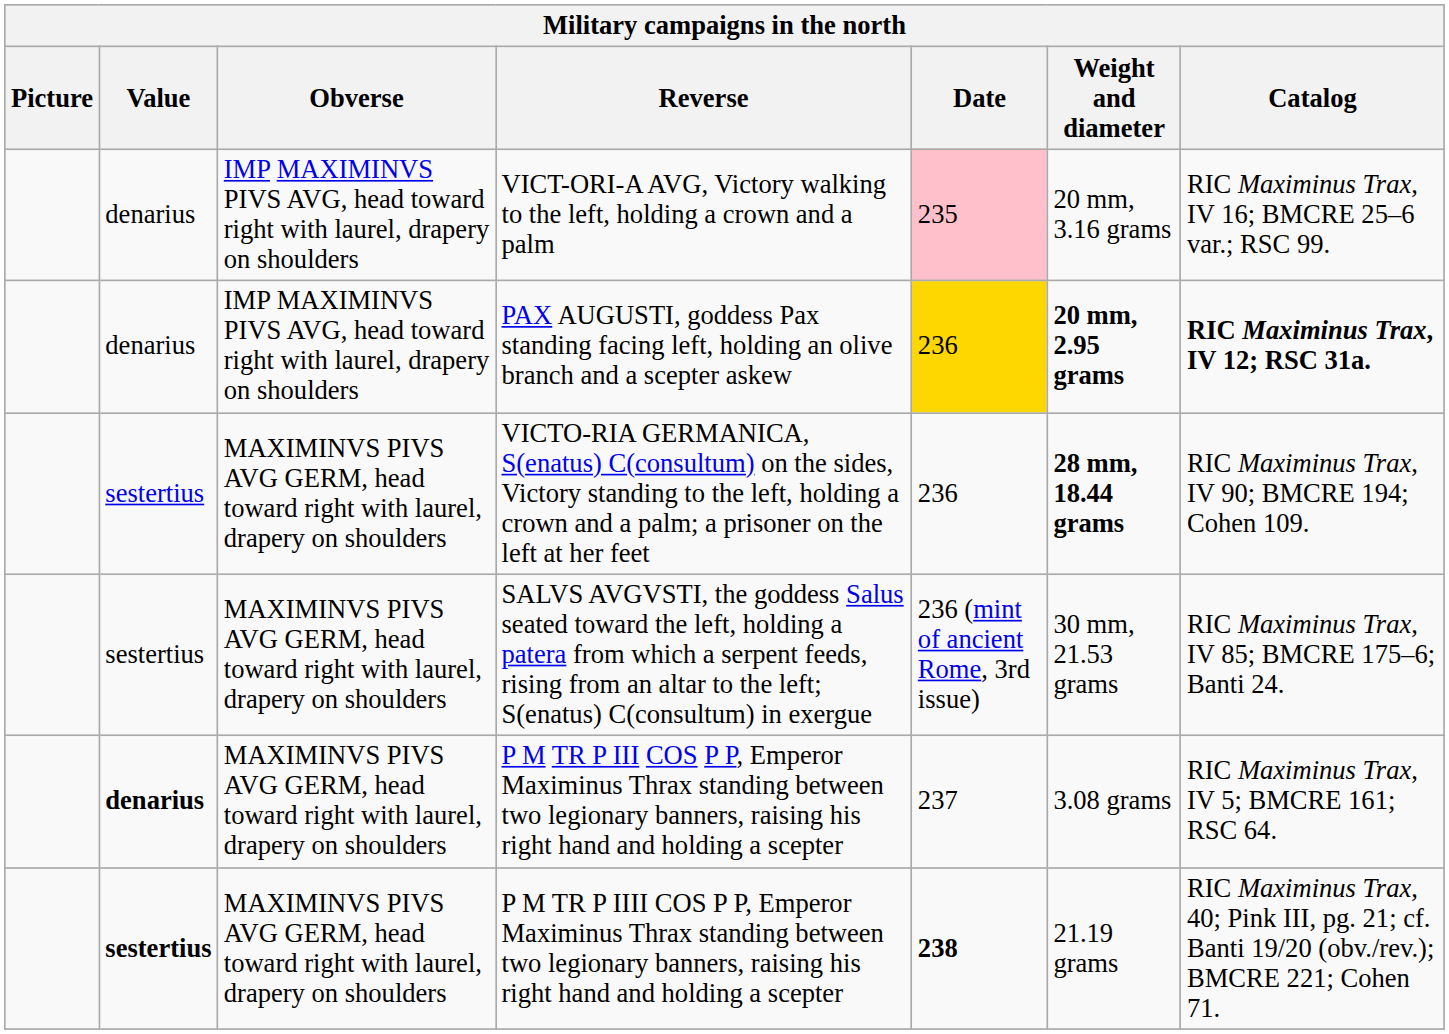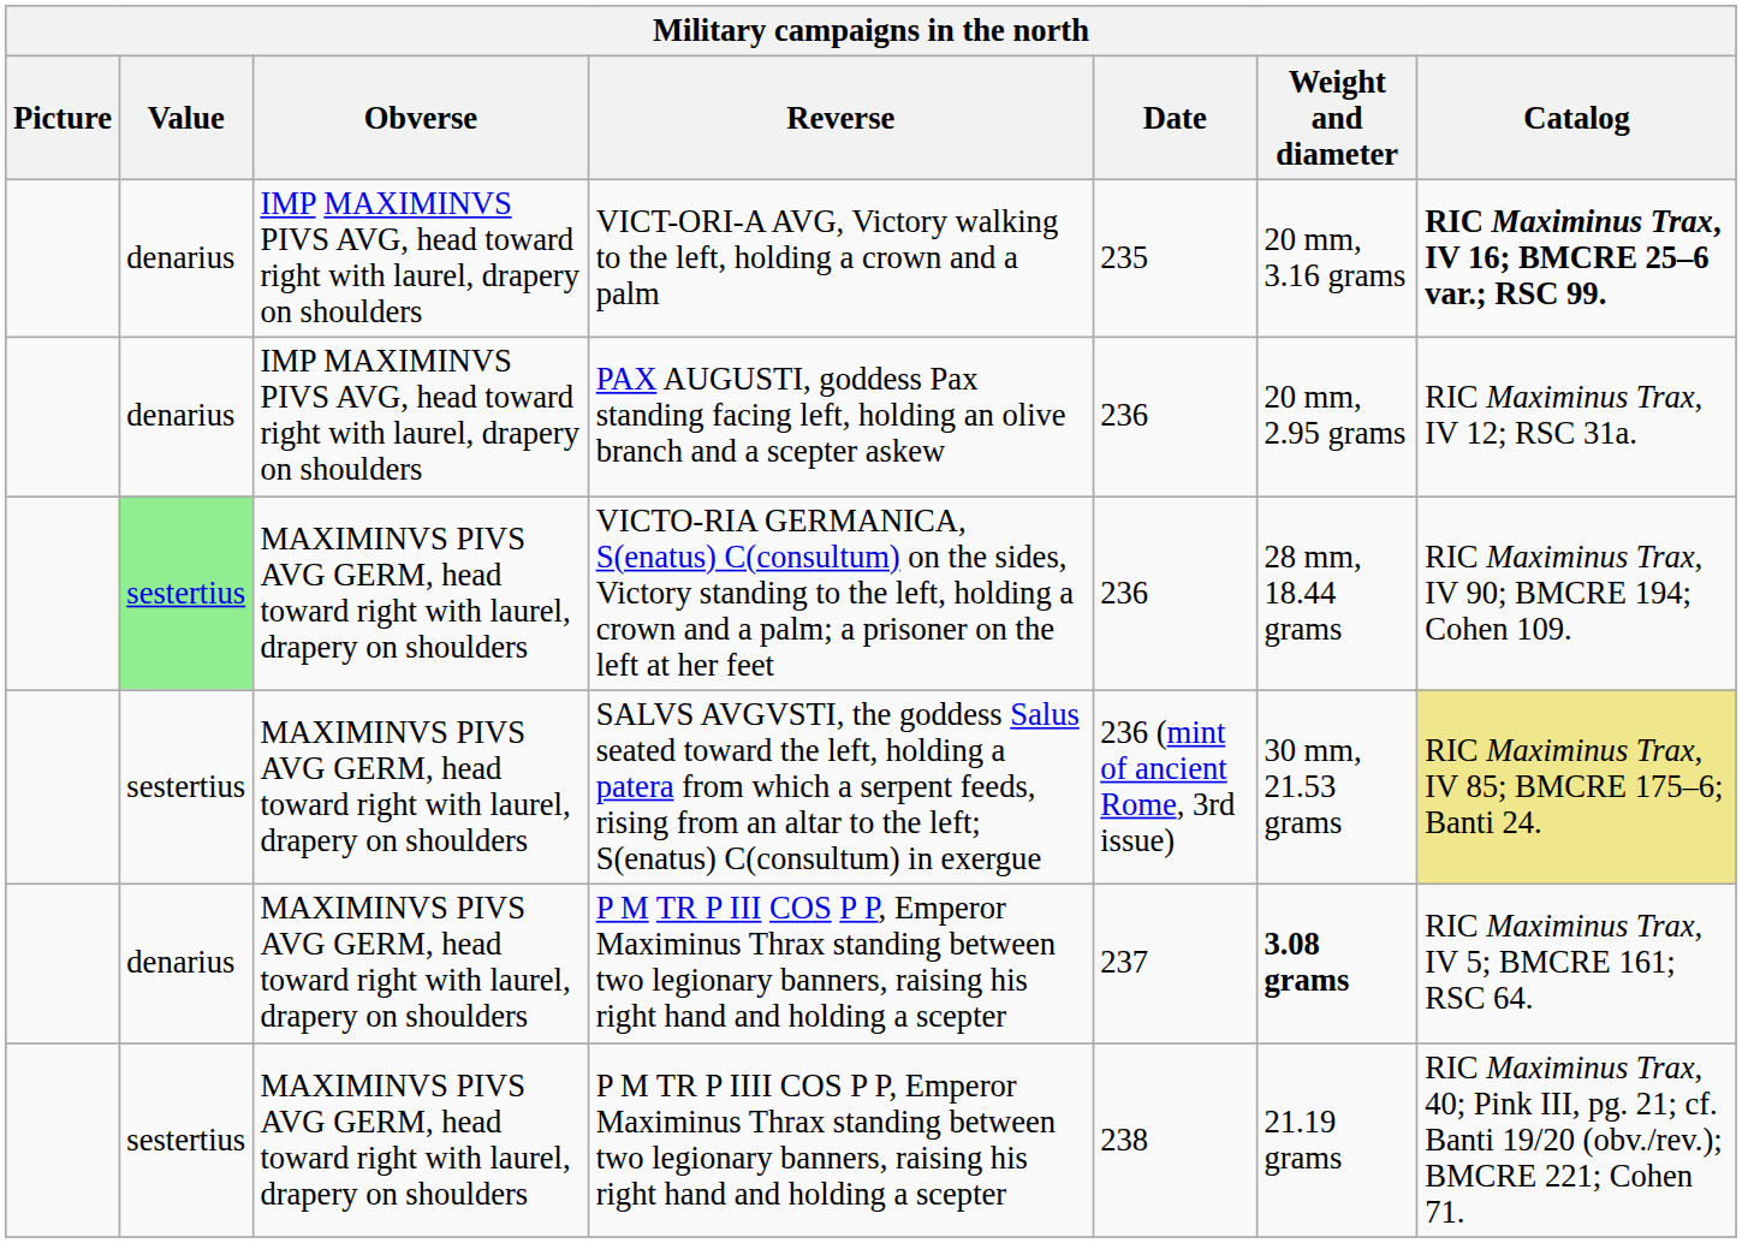 <table class="wikitable">
 <tr>
 <th colspan="7">Military campaigns in the north</th>
 </tr>
 <tr>
 <th>Picture</th>
 <th>Value</th>
 <th>Obverse</th>
 <th>Reverse</th>
 <th>Date</th>
 <th>Weight and diameter</th>
 <th>Catalog</th>
 </tr>
 <tr>
 <td></td>
 <td>denarius</td>
 <td><a href='#'>IMP</a> <a href='#'>MAXIMINVS</a> PIVS AVG, head toward right with laurel, drapery on shoulders</td>
 <td>VICT-ORI-A AVG, Victory walking to the left, holding a crown and a palm</td>
-<td style="background: pink;">235</td>
+<td>235</td>
 <td>20 mm, 3.16 grams</td>
-<td>RIC <em>Maximinus Trax</em>, IV 16; BMCRE 25–6 var.; RSC 99.</td>
+<td><strong>RIC <em>Maximinus Trax</em>, IV 16; BMCRE 25–6 var.; RSC 99.</strong></td>
 </tr>
 <tr>
 <td></td>
 <td>denarius</td>
 <td>IMP MAXIMINVS PIVS AVG, head toward right with laurel, drapery on shoulders</td>
 <td><a href='#'>PAX</a> AUGUSTI, goddess Pax standing facing left, holding an olive branch and a scepter askew</td>
-<td style="background: gold;">236</td>
-<td><strong>20 mm, 2.95 grams</strong></td>
-<td><strong>RIC <em>Maximinus Trax</em>, IV 12; RSC 31a.</strong></td>
+<td>236</td>
+<td>20 mm, 2.95 grams</td>
+<td>RIC <em>Maximinus Trax</em>, IV 12; RSC 31a.</td>
 </tr>
 <tr>
 <td></td>
-<td><a href='#'>sestertius</a></td>
+<td style="background: lightgreen;"><a href='#'>sestertius</a></td>
 <td>MAXIMINVS PIVS AVG GERM, head toward right with laurel, drapery on shoulders</td>
 <td>VICTO-RIA GERMANICA, <a href='#'>S(enatus) C(consultum)</a> on the sides, Victory standing to the left, holding a crown and a palm; a prisoner on the left at her feet</td>
 <td>236</td>
-<td><strong>28 mm, 18.44 grams</strong></td>
+<td>28 mm, 18.44 grams</td>
 <td>RIC <em>Maximinus Trax</em>, IV 90; BMCRE 194; Cohen 109.</td>
 </tr>
 <tr>
 <td></td>
 <td>sestertius</td>
 <td>MAXIMINVS PIVS AVG GERM, head toward right with laurel, drapery on shoulders</td>
 <td>SALVS AVGVSTI, the goddess <a href='#'>Salus</a> seated toward the left, holding a <a href='#'>patera</a> from which a serpent feeds, rising from an altar to the left; S(enatus) C(consultum) in exergue</td>
 <td>236 (<a href='#'>mint of ancient Rome</a>, 3rd issue)</td>
 <td>30 mm, 21.53 grams</td>
-<td>RIC <em>Maximinus Trax</em>, IV 85; BMCRE 175–6; Banti 24.</td>
+<td style="background: khaki;">RIC <em>Maximinus Trax</em>, IV 85; BMCRE 175–6; Banti 24.</td>
 </tr>
 <tr>
 <td></td>
-<td><strong>denarius</strong></td>
+<td>denarius</td>
 <td>MAXIMINVS PIVS AVG GERM, head toward right with laurel, drapery on shoulders</td>
 <td><a href='#'>P M</a> <a href='#'>TR P III</a> <a href='#'>COS</a> <a href='#'>P P</a>, Emperor Maximinus Thrax standing between two legionary banners, raising his right hand and holding a scepter</td>
 <td>237</td>
-<td>3.08 grams</td>
+<td><strong>3.08 grams</strong></td>
 <td>RIC <em>Maximinus Trax</em>, IV 5; BMCRE 161; RSC 64.</td>
 </tr>
 <tr>
 <td></td>
-<td><strong>sestertius</strong></td>
+<td>sestertius</td>
 <td>MAXIMINVS PIVS AVG GERM, head toward right with laurel, drapery on shoulders</td>
 <td>P M TR P IIII COS P P, Emperor Maximinus Thrax standing between two legionary banners, raising his right hand and holding a scepter</td>
-<td><strong>238</strong></td>
+<td>238</td>
 <td>21.19 grams</td>
 <td>RIC <em>Maximinus Trax</em>, 40; Pink III, pg. 21; cf. Banti 19/20 (obv./rev.); BMCRE 221; Cohen 71.</td>
 </tr>
 </table>
